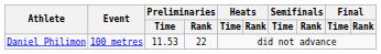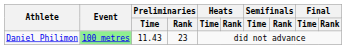 <table class=wikitable style="font-size:90%;">
 <tr>
 <th rowspan=2>Athlete</th>
 <th rowspan=2>Event</th>
 <th colspan=2>Preliminaries</th>
 <th colspan=2>Heats</th>
 <th colspan=2>Semifinals</th>
 <th colspan=2>Final</th>
 </tr>
 <tr>
 <th>Time</th>
 <th>Rank</th>
 <th>Time</th>
 <th>Rank</th>
 <th>Time</th>
 <th>Rank</th>
 <th>Time</th>
 <th>Rank</th>
 </tr>
 <tr>
 <td><a href='#'>Daniel Philimon</a></td>
-<td><a href='#'>100 metres</a></td>
-<td align="center">11.53</td>
-<td align="center">22</td>
+<td style="background: lightgreen;"><a href='#'>100 metres</a></td>
+<td align="center">11.43</td>
+<td align="center">23</td>
 <td align="center" colspan=6>did not advance</td>
 </tr>
 </table>
